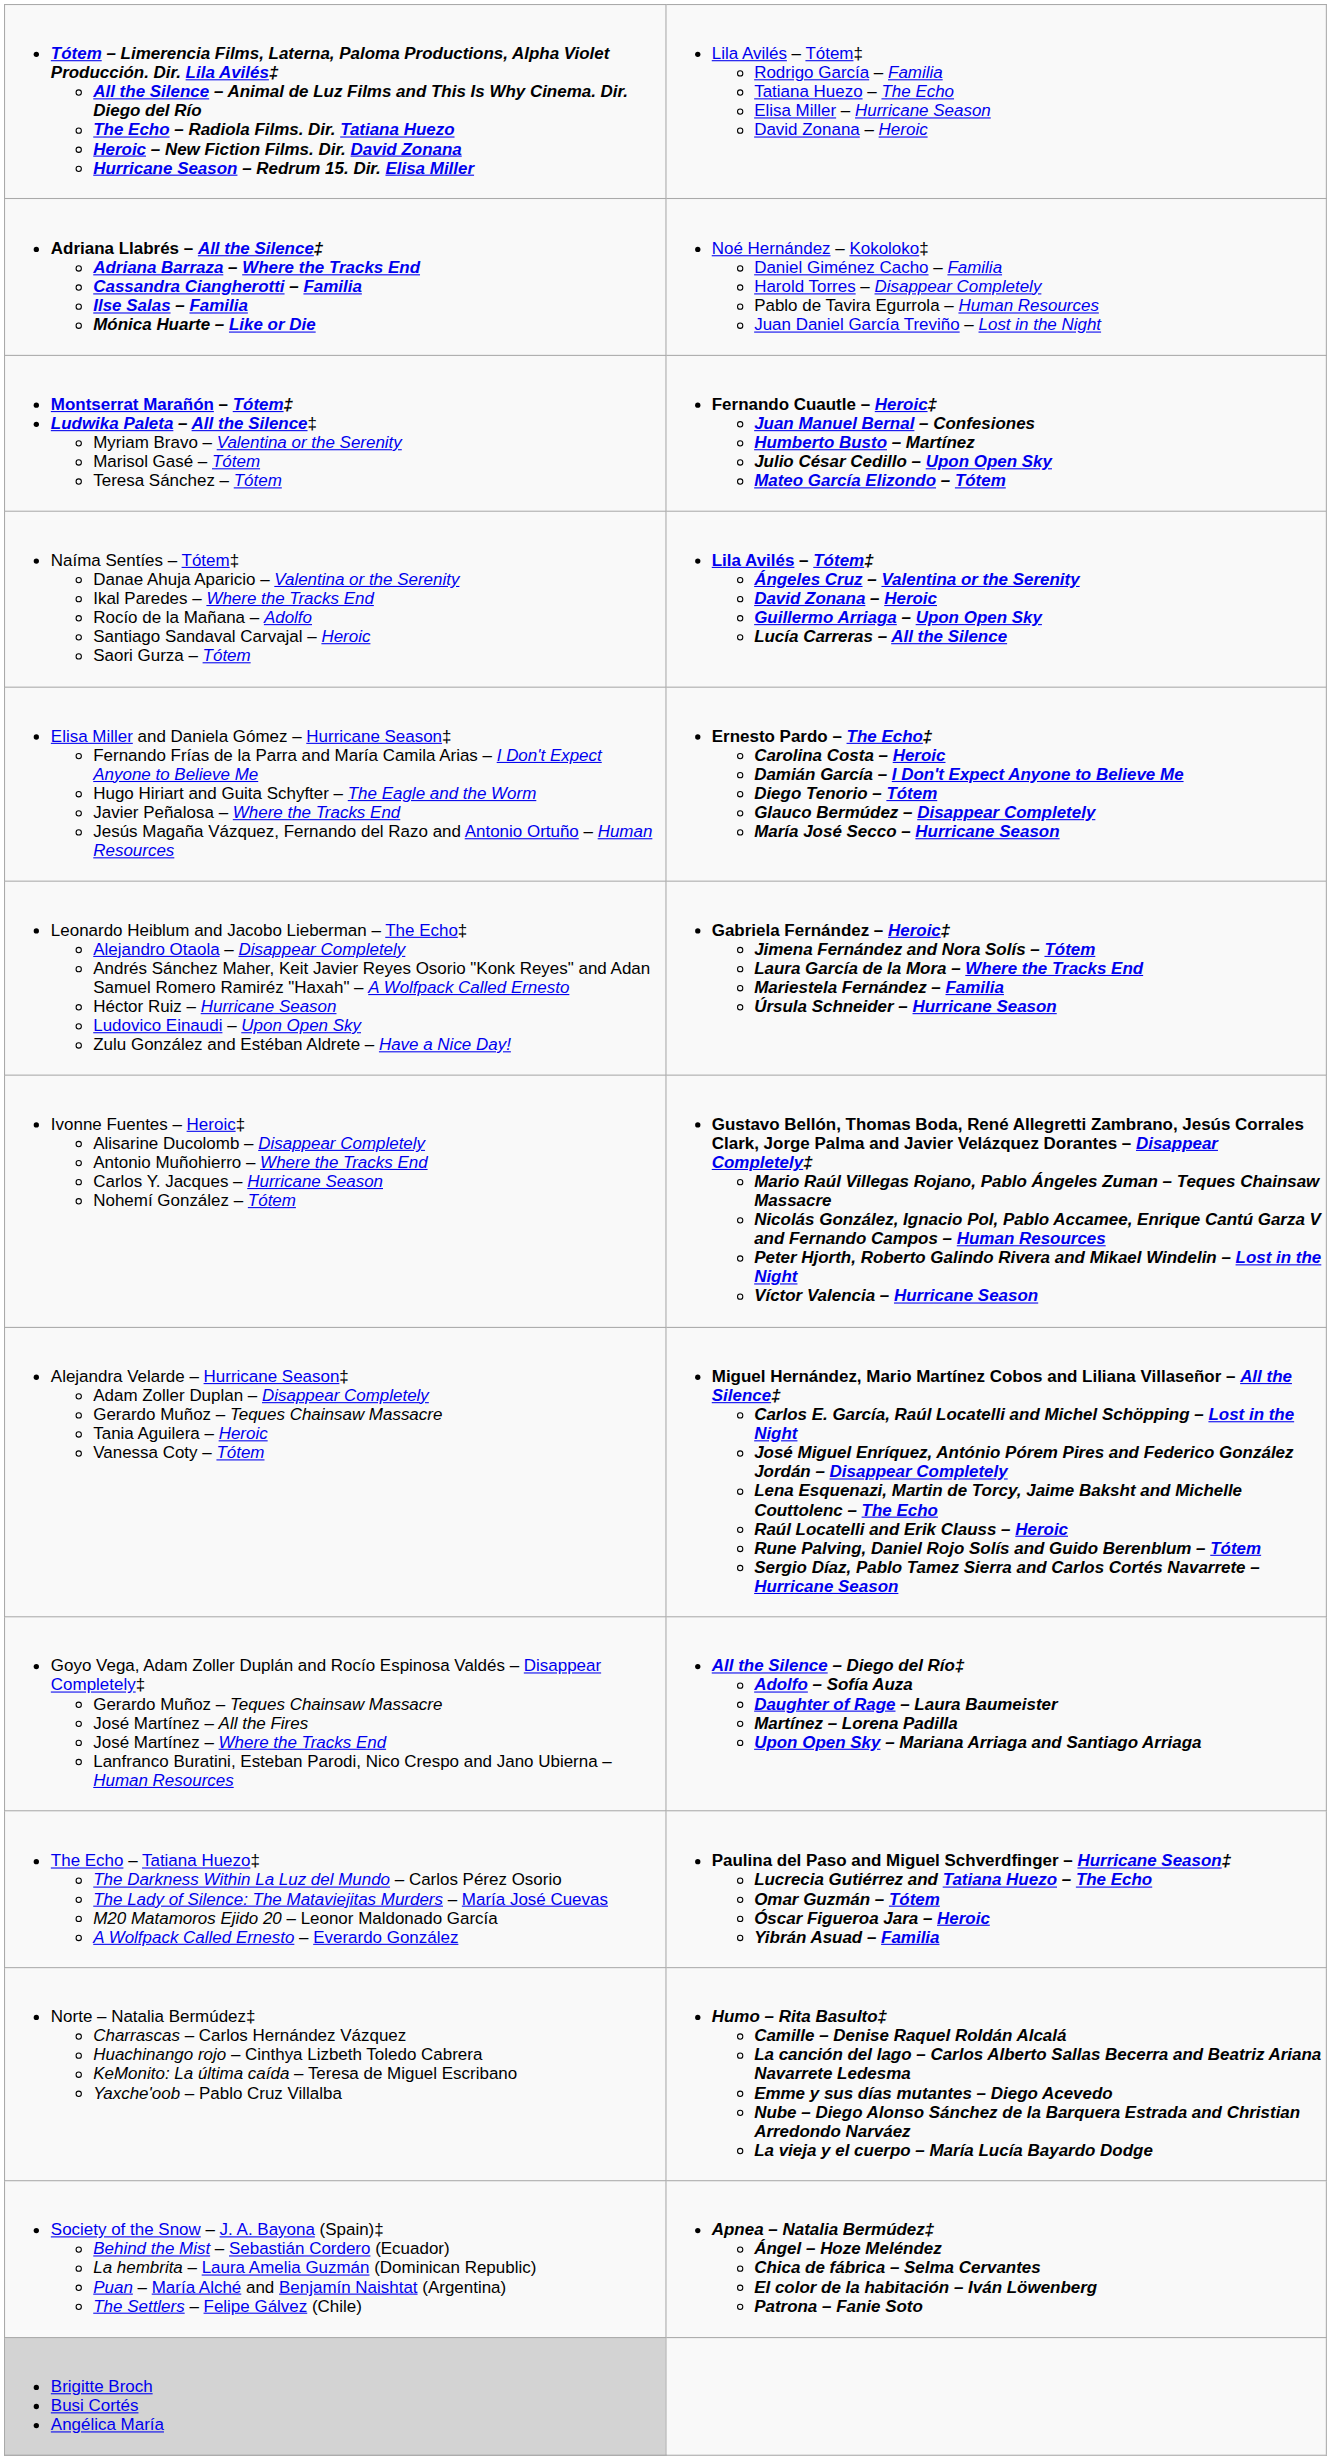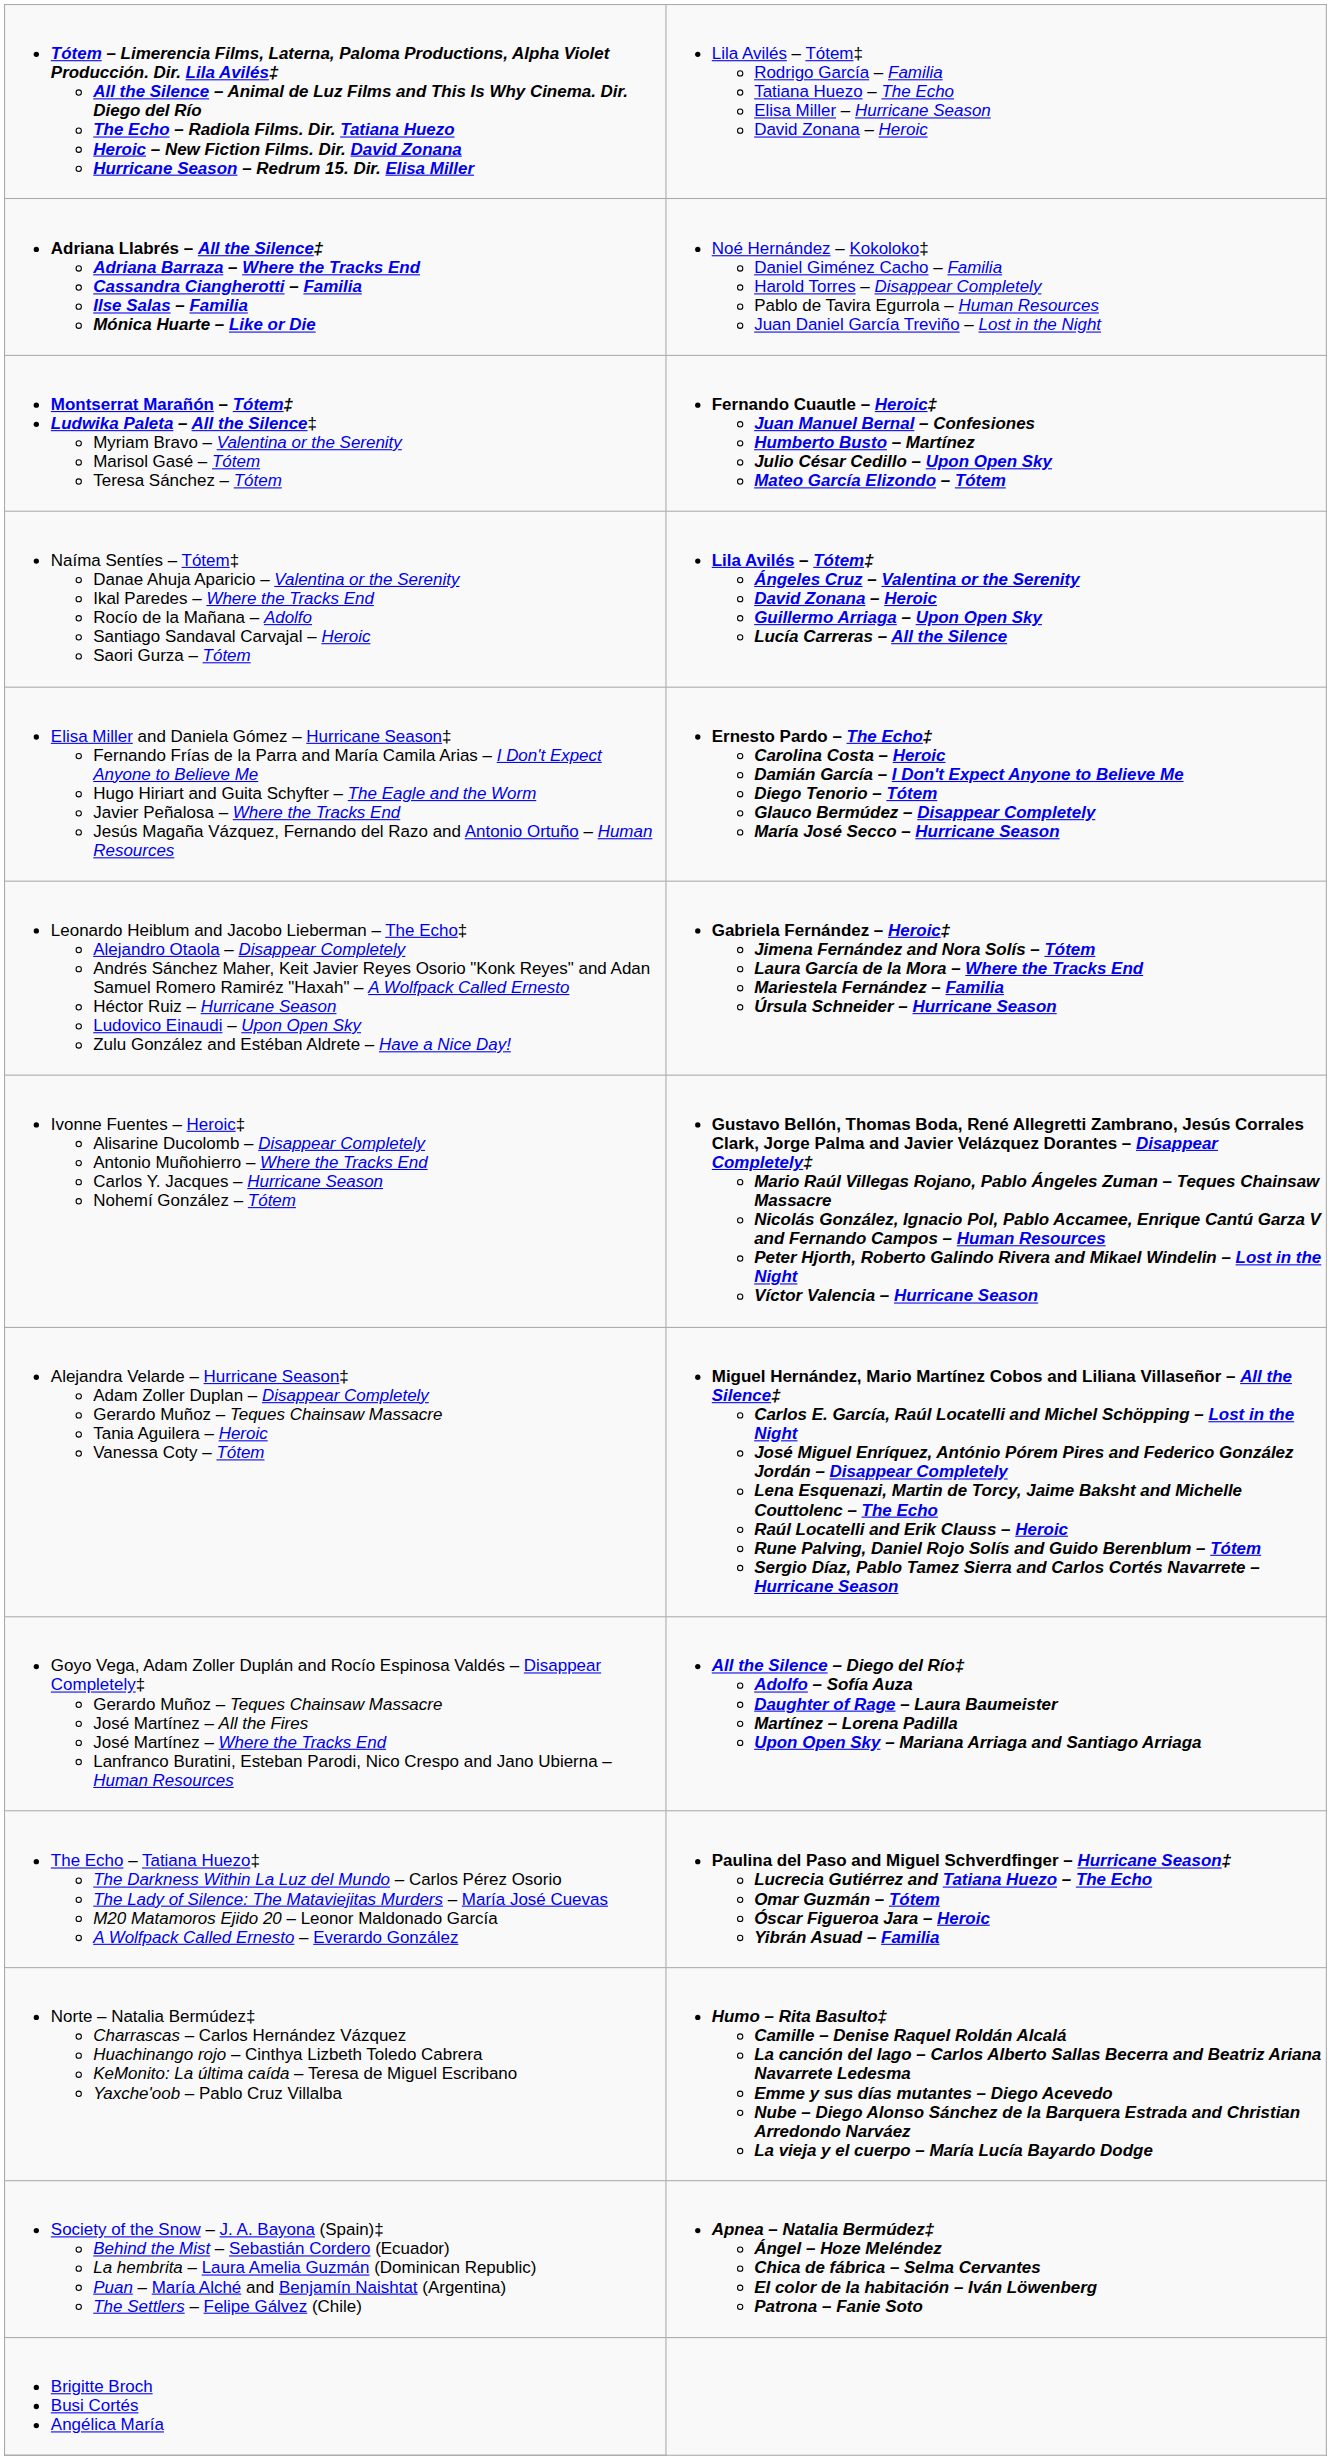 <table class=wikitable>
 <tr>
 <td style="vertical-align:top; width:50%;"><br><ul><li><strong><em><a href='#'>Tótem</a><em> – Limerencia Films, Laterna, Paloma Productions, Alpha Violet Producción. Dir. <a href='#'>Lila Avilés</a><strong>‡<ul><li></em><a href='#'>All the Silence</a><em> – Animal de Luz Films and This Is Why Cinema. Dir. Diego del Río</li><li></em><a href='#'>The Echo</a><em> – Radiola Films. Dir. <a href='#'>Tatiana Huezo</a></li><li></em><a href='#'>Heroic</a><em> – New Fiction Films. Dir. <a href='#'>David Zonana</a></li><li></em><a href='#'>Hurricane Season</a><em> – Redrum 15. Dir. <a href='#'>Elisa Miller</a></li></ul></li></ul></td>
 <td style="vertical-align:top; width:50%;"><br><ul><li></strong><a href='#'>Lila Avilés</a> – </em><a href='#'>Tótem</a></em></strong>‡<ul><li><a href='#'>Rodrigo García</a> – <em><a href='#'>Familia</a></em></li><li><a href='#'>Tatiana Huezo</a> – <em><a href='#'>The Echo</a></em></li><li><a href='#'>Elisa Miller</a> – <em><a href='#'>Hurricane Season</a></em></li><li><a href='#'>David Zonana</a> – <em><a href='#'>Heroic</a></em></li></ul></li></ul></td>
 </tr>
 <tr>
 <td style="vertical-align:top; width:50%;"><br><ul><li><strong>Adriana Llabrés – <em><a href='#'>All the Silence</a><strong><em>‡<ul><li><a href='#'>Adriana Barraza</a> – </em><a href='#'>Where the Tracks End</a><em></li><li><a href='#'>Cassandra Ciangherotti</a> – </em><a href='#'>Familia</a><em></li><li><a href='#'>Ilse Salas</a> – </em><a href='#'>Familia</a><em></li><li>Mónica Huarte – </em><a href='#'>Like or Die</a><em></li></ul></li></ul></td>
 <td style="vertical-align:top; width:50%;"><br><ul><li></strong><a href='#'>Noé Hernández</a> – </em><a href='#'>Kokoloko</a></em></strong>‡<ul><li><a href='#'>Daniel Giménez Cacho</a> – <em><a href='#'>Familia</a></em></li><li><a href='#'>Harold Torres</a> – <em><a href='#'>Disappear Completely</a></em></li><li>Pablo de Tavira Egurrola – <em><a href='#'>Human Resources</a></em></li><li><a href='#'>Juan Daniel García Treviño</a> – <em><a href='#'>Lost in the Night</a></em></li></ul></li></ul></td>
 </tr>
 <tr>
 <td style="vertical-align:top; width:50%;"><br><ul><li><strong><a href='#'>Montserrat Marañón</a> – <em><a href='#'>Tótem</a><strong><em>‡</li><li></strong><a href='#'>Ludwika Paleta</a> – </em><a href='#'>All the Silence</a></em></strong>‡<ul><li>Myriam Bravo – <em><a href='#'>Valentina or the Serenity</a></em></li><li>Marisol Gasé – <em><a href='#'>Tótem</a></em></li><li>Teresa Sánchez – <em><a href='#'>Tótem</a></em></li></ul></li></ul></td>
 <td style="vertical-align:top; width:50%;"><br><ul><li><strong>Fernando Cuautle – <em><a href='#'>Heroic</a><strong><em>‡<ul><li><a href='#'>Juan Manuel Bernal</a> – </em>Confesiones<em></li><li><a href='#'>Humberto Busto</a> – </em>Martínez<em></li><li>Julio César Cedillo – </em><a href='#'>Upon Open Sky</a><em></li><li><a href='#'>Mateo García Elizondo</a> – </em><a href='#'>Tótem</a><em></li></ul></li></ul></td>
 </tr>
 <tr>
 <td style="vertical-align:top; width:50%;"><br><ul><li></strong>Naíma Sentíes – </em><a href='#'>Tótem</a></em></strong>‡<ul><li>Danae Ahuja Aparicio – <em><a href='#'>Valentina or the Serenity</a></em></li><li>Ikal Paredes – <em><a href='#'>Where the Tracks End</a></em></li><li>Rocío de la Mañana – <em><a href='#'>Adolfo</a></em></li><li>Santiago Sandaval Carvajal – <em><a href='#'>Heroic</a></em></li><li>Saori Gurza – <em><a href='#'>Tótem</a></em></li></ul></li></ul></td>
 <td style="vertical-align:top; width:50%;"><br><ul><li><strong><a href='#'>Lila Avilés</a> – <em><a href='#'>Tótem</a><strong><em>‡<ul><li><a href='#'>Ángeles Cruz</a> – </em><a href='#'>Valentina or the Serenity</a><em></li><li><a href='#'>David Zonana</a> – </em><a href='#'>Heroic</a><em></li><li><a href='#'>Guillermo Arriaga</a> – </em><a href='#'>Upon Open Sky</a><em></li><li>Lucía Carreras – </em><a href='#'>All the Silence</a><em></li></ul></li></ul></td>
 </tr>
 <tr>
 <td style="vertical-align:top; width:50%;"><br><ul><li></strong><a href='#'>Elisa Miller</a> and Daniela Gómez – </em><a href='#'>Hurricane Season</a></em></strong>‡<ul><li>Fernando Frías de la Parra and María Camila Arias – <em><a href='#'>I Don't Expect Anyone to Believe Me</a></em></li><li>Hugo Hiriart and Guita Schyfter – <em><a href='#'>The Eagle and the Worm</a></em></li><li>Javier Peñalosa – <em><a href='#'>Where the Tracks End</a></em></li><li>Jesús Magaña Vázquez, Fernando del Razo and <a href='#'>Antonio Ortuño</a> – <em><a href='#'>Human Resources</a></em></li></ul></li></ul></td>
 <td style="vertical-align:top; width:50%;"><br><ul><li><strong>Ernesto Pardo – <em><a href='#'>The Echo</a><strong><em>‡<ul><li>Carolina Costa – </em><a href='#'>Heroic</a><em></li><li>Damián García – </em><a href='#'>I Don't Expect Anyone to Believe Me</a><em></li><li>Diego Tenorio – </em><a href='#'>Tótem</a><em></li><li>Glauco Bermúdez – </em><a href='#'>Disappear Completely</a><em></li><li>María José Secco – </em><a href='#'>Hurricane Season</a><em></li></ul></li></ul></td>
 </tr>
 <tr>
 <td style="vertical-align:top; width:50%;"><br><ul><li></strong>Leonardo Heiblum and Jacobo Lieberman – </em><a href='#'>The Echo</a></em></strong>‡<ul><li><a href='#'>Alejandro Otaola</a> – <em><a href='#'>Disappear Completely</a></em></li><li>Andrés Sánchez Maher, Keit Javier Reyes Osorio "Konk Reyes" and Adan Samuel Romero Ramiréz "Haxah" – <em><a href='#'>A Wolfpack Called Ernesto</a></em></li><li>Héctor Ruiz – <em><a href='#'>Hurricane Season</a></em></li><li><a href='#'>Ludovico Einaudi</a> – <em><a href='#'>Upon Open Sky</a></em></li><li>Zulu González and Estéban Aldrete – <em><a href='#'>Have a Nice Day!</a></em></li></ul></li></ul></td>
 <td style="vertical-align:top; width:50%;"><br><ul><li><strong>Gabriela Fernández – <em><a href='#'>Heroic</a><strong><em>‡<ul><li>Jimena Fernández and Nora Solís – </em><a href='#'>Tótem</a><em></li><li>Laura García de la Mora – </em><a href='#'>Where the Tracks End</a><em></li><li>Mariestela Fernández – </em><a href='#'>Familia</a><em></li><li>Úrsula Schneider – </em><a href='#'>Hurricane Season</a><em></li></ul></li></ul></td>
 </tr>
 <tr>
 <td style="vertical-align:top; width:50%;"><br><ul><li></strong>Ivonne Fuentes – </em><a href='#'>Heroic</a></em></strong>‡<ul><li>Alisarine Ducolomb – <em><a href='#'>Disappear Completely</a></em></li><li>Antonio Muñohierro – <em><a href='#'>Where the Tracks End</a></em></li><li>Carlos Y. Jacques – <em><a href='#'>Hurricane Season</a></em></li><li>Nohemí González – <em><a href='#'>Tótem</a></em></li></ul></li></ul></td>
 <td style="vertical-align:top; width:50%;"><br><ul><li><strong>Gustavo Bellón, Thomas Boda, René Allegretti Zambrano, Jesús Corrales Clark, Jorge Palma and Javier Velázquez Dorantes – <em><a href='#'>Disappear Completely</a><strong><em>‡<ul><li>Mario Raúl Villegas Rojano, Pablo Ángeles Zuman – </em>Teques Chainsaw Massacre<em></li><li>Nicolás González, Ignacio Pol, Pablo Accamee, Enrique Cantú Garza V and Fernando Campos – </em><a href='#'>Human Resources</a><em></li><li>Peter Hjorth, Roberto Galindo Rivera and Mikael Windelin – </em><a href='#'>Lost in the Night</a><em></li><li>Víctor Valencia – </em><a href='#'>Hurricane Season</a><em></li></ul></li></ul></td>
 </tr>
 <tr>
 <td style="vertical-align:top; width:50%;"><br><ul><li></strong>Alejandra Velarde – </em><a href='#'>Hurricane Season</a></em></strong>‡<ul><li>Adam Zoller Duplan – <em><a href='#'>Disappear Completely</a></em></li><li>Gerardo Muñoz – <em>Teques Chainsaw Massacre</em></li><li>Tania Aguilera – <em><a href='#'>Heroic</a></em></li><li>Vanessa Coty – <em><a href='#'>Tótem</a></em></li></ul></li></ul></td>
 <td style="vertical-align:top; width:50%;"><br><ul><li><strong>Miguel Hernández, Mario Martínez Cobos and Liliana Villaseñor – <em><a href='#'>All the Silence</a><strong><em>‡<ul><li>Carlos E. García, Raúl Locatelli and Michel Schöpping – </em><a href='#'>Lost in the Night</a><em></li><li>José Miguel Enríquez, António Pórem Pires and Federico González Jordán – </em><a href='#'>Disappear Completely</a><em></li><li>Lena Esquenazi, Martin de Torcy, Jaime Baksht and Michelle Couttolenc – </em><a href='#'>The Echo</a><em></li><li>Raúl Locatelli and Erik Clauss – </em><a href='#'>Heroic</a><em></li><li>Rune Palving, Daniel Rojo Solís and Guido Berenblum – </em><a href='#'>Tótem</a><em></li><li>Sergio Díaz, Pablo Tamez Sierra and Carlos Cortés Navarrete – </em><a href='#'>Hurricane Season</a><em></li></ul></li></ul></td>
 </tr>
 <tr>
 <td style="vertical-align:top; width:50%;"><br><ul><li></strong>Goyo Vega, Adam Zoller Duplán and Rocío Espinosa Valdés – </em><a href='#'>Disappear Completely</a></em></strong>‡<ul><li>Gerardo Muñoz – <em>Teques Chainsaw Massacre</em></li><li>José Martínez – <em>All the Fires</em></li><li>José Martínez – <em><a href='#'>Where the Tracks End</a></em></li><li>Lanfranco Buratini, Esteban Parodi, Nico Crespo and Jano Ubierna – <em><a href='#'>Human Resources</a></em></li></ul></li></ul></td>
 <td style="vertical-align:top; width:50%;"><br><ul><li><strong><em><a href='#'>All the Silence</a><em> – Diego del Río<strong>‡<ul><li></em><a href='#'>Adolfo</a><em> – Sofía Auza</li><li></em><a href='#'>Daughter of Rage</a><em> – Laura Baumeister</li><li></em>Martínez<em> – Lorena Padilla</li><li></em><a href='#'>Upon Open Sky</a><em> – Mariana Arriaga and Santiago Arriaga</li></ul></li></ul></td>
 </tr>
 <tr>
 <td style="vertical-align:top; width:50%;"><br><ul><li></em></strong><a href='#'>The Echo</a></em> – <a href='#'>Tatiana Huezo</a></strong>‡<ul><li><em><a href='#'>The Darkness Within La Luz del Mundo</a></em> – Carlos Pérez Osorio</li><li><em><a href='#'>The Lady of Silence: The Mataviejitas Murders</a></em> – <a href='#'>María José Cuevas</a></li><li><em>M20 Matamoros Ejido 20</em> – Leonor Maldonado García</li><li><em><a href='#'>A Wolfpack Called Ernesto</a></em> – <a href='#'>Everardo González</a></li></ul></li></ul></td>
 <td style="vertical-align:top; width:50%;"><br><ul><li><strong>Paulina del Paso and Miguel Schverdfinger – <em><a href='#'>Hurricane Season</a><strong><em>‡<ul><li>Lucrecia Gutiérrez and <a href='#'>Tatiana Huezo</a> – </em><a href='#'>The Echo</a><em></li><li>Omar Guzmán – </em><a href='#'>Tótem</a><em></li><li>Óscar Figueroa Jara – </em><a href='#'>Heroic</a><em></li><li>Yibrán Asuad – </em><a href='#'>Familia</a><em></li></ul></li></ul></td>
 </tr>
 <tr>
 <td style="vertical-align:top; width:50%;"><br><ul><li></em></strong>Norte</em> – Natalia Bermúdez</strong>‡<ul><li><em>Charrascas</em> – Carlos Hernández Vázquez</li><li><em>Huachinango rojo</em> – Cinthya Lizbeth Toledo Cabrera</li><li><em>KeMonito: La última caída</em> – Teresa de Miguel Escribano</li><li><em>Yaxche'oob</em> – Pablo Cruz Villalba</li></ul></li></ul></td>
 <td style="vertical-align:top; width:50%;"><br><ul><li><strong><em>Humo<em> – Rita Basulto<strong>‡<ul><li></em>Camille<em> – Denise Raquel Roldán Alcalá</li><li></em>La canción del lago<em> – Carlos Alberto Sallas Becerra and Beatriz Ariana Navarrete Ledesma</li><li></em>Emme y sus días mutantes<em> – Diego Acevedo</li><li></em>Nube<em> – Diego Alonso Sánchez de la Barquera Estrada and Christian Arredondo Narváez</li><li></em>La vieja y el cuerpo<em> – María Lucía Bayardo Dodge</li></ul></li></ul></td>
 </tr>
 <tr>
 <td style="vertical-align:top; width:50%;"><br><ul><li></em></strong><a href='#'>Society of the Snow</a></em> – <a href='#'>J. A. Bayona</a> (Spain)</strong>‡<ul><li><em><a href='#'>Behind the Mist</a></em> – <a href='#'>Sebastián Cordero</a> (Ecuador)</li><li><em>La hembrita</em> – <a href='#'>Laura Amelia Guzmán</a> (Dominican Republic)</li><li><em><a href='#'>Puan</a></em> – <a href='#'>María Alché</a> and <a href='#'>Benjamín Naishtat</a> (Argentina)</li><li><em><a href='#'>The Settlers</a></em> – <a href='#'>Felipe Gálvez</a> (Chile)</li></ul></li></ul></td>
 <td style="vertical-align:top; width:50%;"><br><ul><li><strong><em>Apnea<em> – Natalia Bermúdez<strong>‡<ul><li></em>Ángel<em> – Hoze Meléndez</li><li></em>Chica de fábrica<em> – Selma Cervantes</li><li></em>El color de la habitación<em> – Iván Löwenberg</li><li></em>Patrona<em> – Fanie Soto</li></ul></li></ul></td>
 </tr>
 <tr>
-<td style="background: lightgrey; vertical-align:top; width:50%;"><br><ul><li></strong><a href='#'>Brigitte Broch</a><strong></li><li></strong><a href='#'>Busi Cortés</a><strong></li><li></strong><a href='#'>Angélica María</a><strong></li></ul></td>
+<td style="vertical-align:top; width:50%;"><br><ul><li></strong><a href='#'>Brigitte Broch</a><strong></li><li></strong><a href='#'>Busi Cortés</a><strong></li><li></strong><a href='#'>Angélica María</a><strong></li></ul></td>
 </tr>
 <tr>
 </tr>
 </table>
